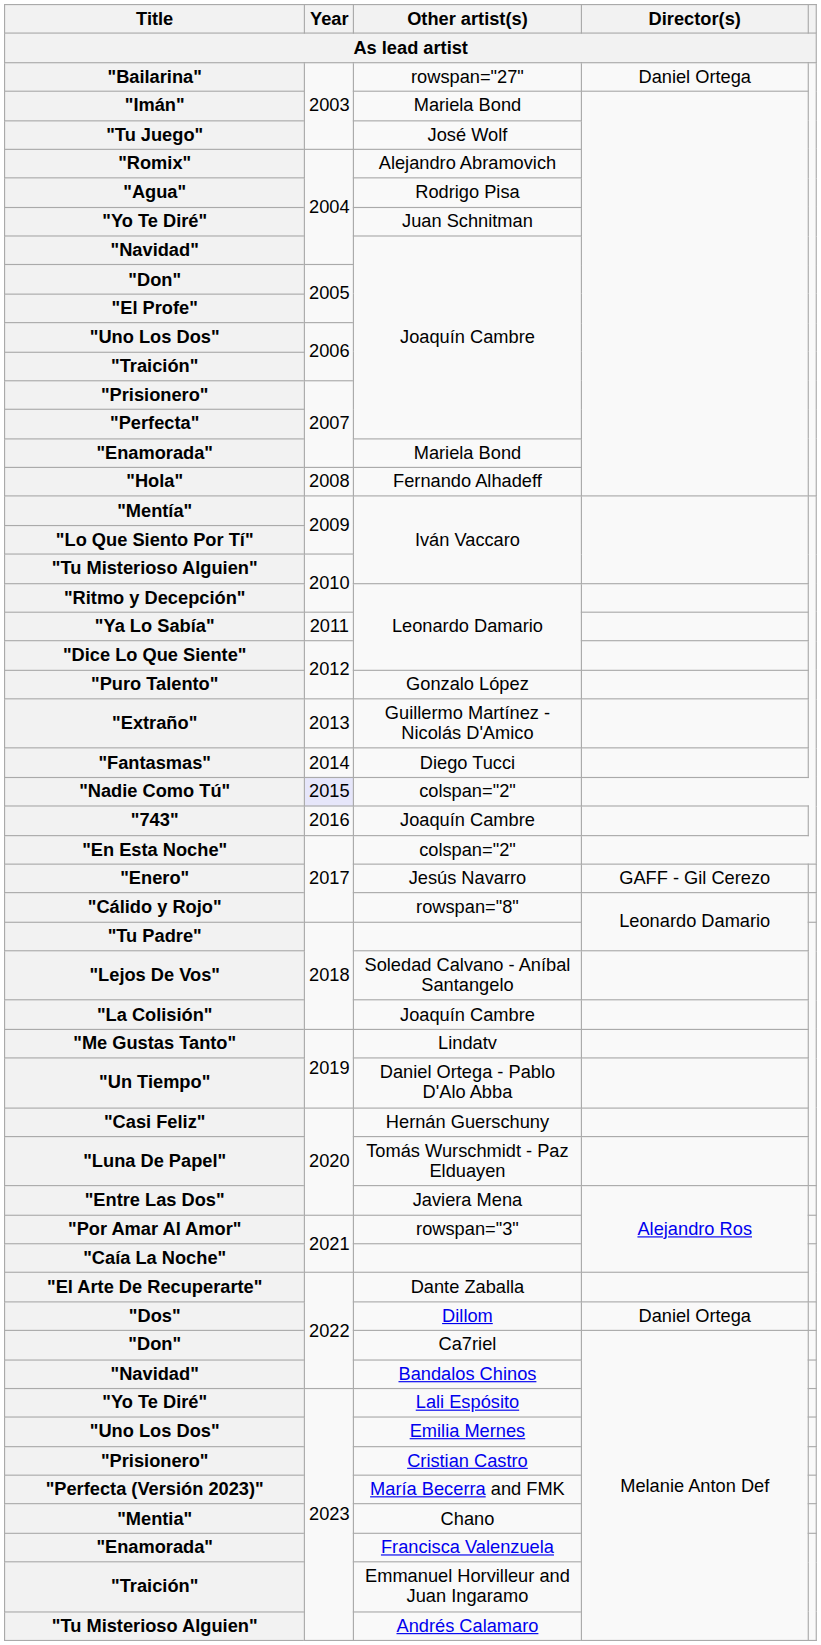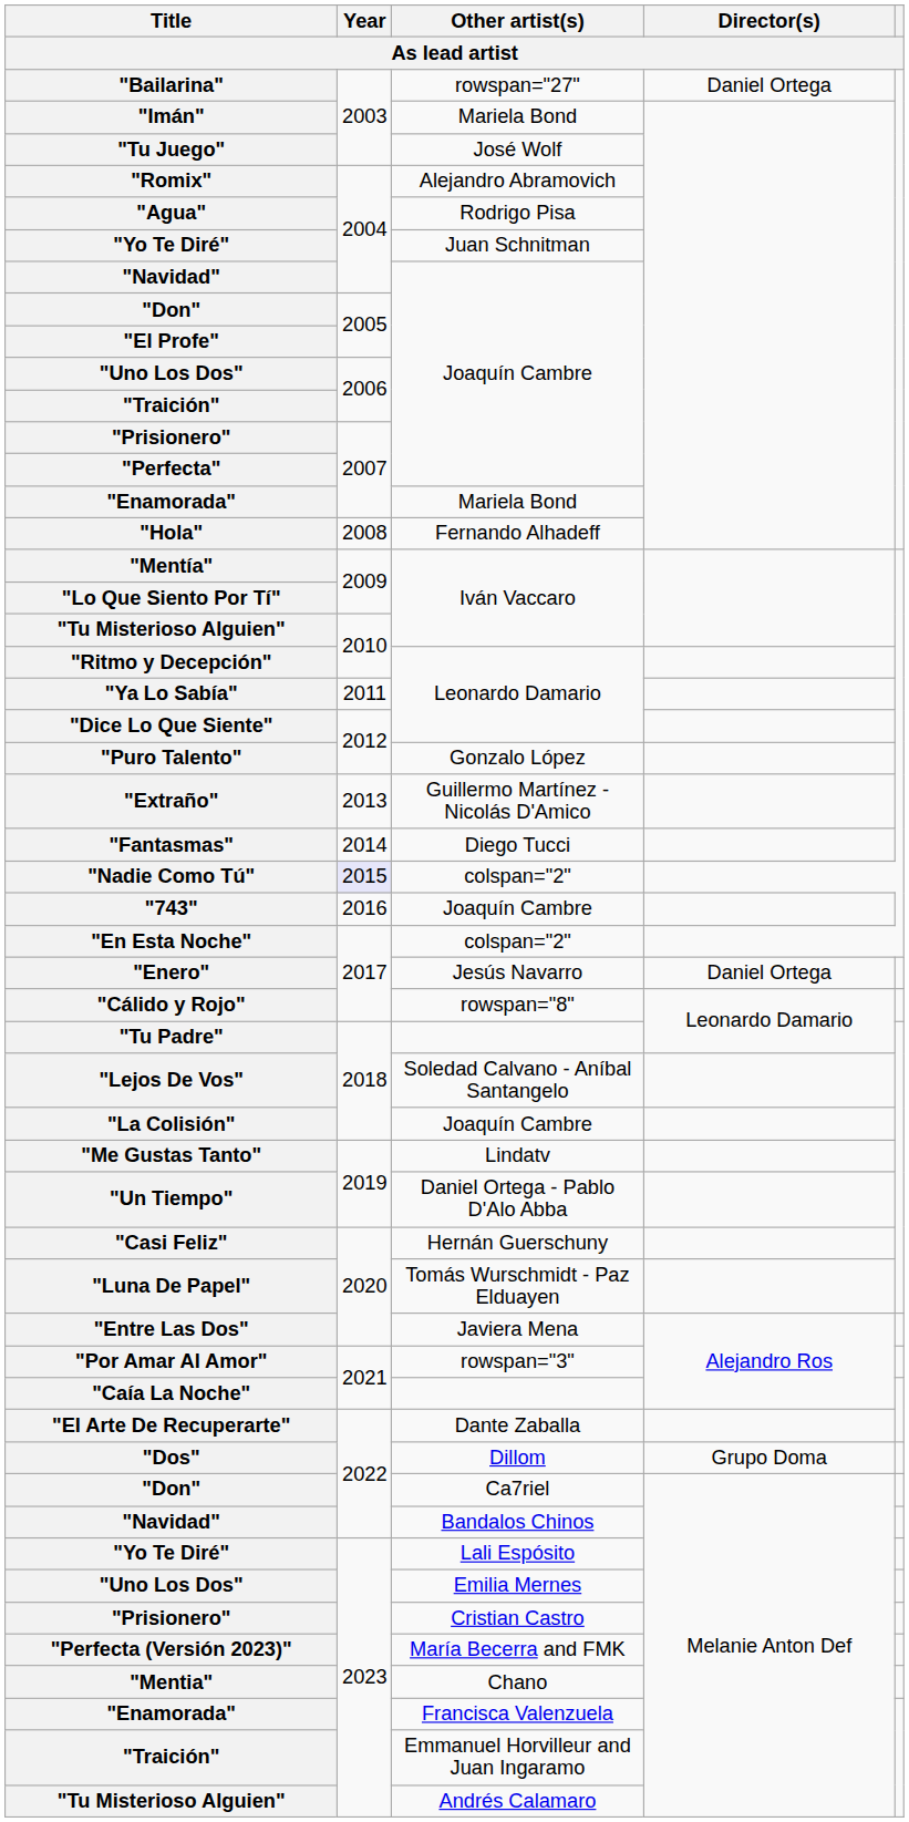 <table class="wikitable plainrowheaders" style="text-align:center;">
 <tr>
 <th scope="col" style="width:16em;">Title</th>
 <th scope="col">Year</th>
 <th scope="col" style="width:12em;">Other artist(s)</th>
 <th scope="col" style="width:12em;">Director(s)</th>
 <th scope="col"></th>
 </tr>
 <tr>
 <th scope="col" colspan="5">As lead artist</th>
 </tr>
 <tr>
 <th scope="row">"Bailarina"</th>
 <td rowspan="3">2003</td>
 <td>rowspan="27" </td>
 <td>Daniel Ortega</td>
 <td rowspan="15"></td>
 </tr>
 <tr>
 <th scope="row">"Imán"</th>
 <td>Mariela Bond</td>
 </tr>
 <tr>
 <th scope="row">"Tu Juego"</th>
 <td>José Wolf</td>
 </tr>
 <tr>
 <th scope="row">"Romix"</th>
 <td rowspan="4">2004</td>
 <td>Alejandro Abramovich</td>
 </tr>
 <tr>
 <th scope="row">"Agua"</th>
 <td>Rodrigo Pisa</td>
 </tr>
 <tr>
 <th scope="row">"Yo Te Diré"</th>
 <td>Juan Schnitman</td>
 </tr>
 <tr>
 <th scope="row">"Navidad"</th>
 <td rowspan="7">Joaquín Cambre</td>
 </tr>
 <tr>
 <th scope="row">"Don"</th>
 <td rowspan="2">2005</td>
 </tr>
 <tr>
 <th scope="row">"El Profe"</th>
 </tr>
 <tr>
 <th scope="row">"Uno Los Dos"</th>
 <td rowspan="2">2006</td>
 </tr>
 <tr>
 <th scope="row">"Traición"</th>
 </tr>
 <tr>
 <th scope="row">"Prisionero"</th>
 <td rowspan="3">2007</td>
 </tr>
 <tr>
 <th scope="row">"Perfecta"</th>
 </tr>
 <tr>
 <th scope="row">"Enamorada"</th>
 <td>Mariela Bond</td>
 </tr>
 <tr>
 <th scope="row">"Hola"</th>
 <td>2008</td>
 <td>Fernando Alhadeff</td>
 </tr>
 <tr>
 <th scope="row">"Mentía"</th>
 <td rowspan="2">2009</td>
 <td rowspan="3">Iván Vaccaro</td>
 <td rowspan="3"></td>
 </tr>
 <tr>
 <th scope="row">"Lo Que Siento Por Tí"</th>
 </tr>
 <tr>
 <th scope="row">"Tu Misterioso Alguien"</th>
 <td rowspan="2">2010</td>
 </tr>
 <tr>
 <th scope="row">"Ritmo y Decepción"</th>
 <td rowspan="3">Leonardo Damario</td>
 <td></td>
 </tr>
 <tr>
 <th scope="row">"Ya Lo Sabía"</th>
 <td>2011</td>
 <td></td>
 </tr>
 <tr>
 <th scope="row">"Dice Lo Que Siente"</th>
 <td rowspan="2">2012</td>
 <td></td>
 </tr>
 <tr>
 <th scope="row">"Puro Talento"</th>
 <td>Gonzalo López</td>
 <td></td>
 </tr>
 <tr>
 <th scope="row">"Extraño"</th>
 <td>2013</td>
 <td>Guillermo Martínez - Nicolás D'Amico</td>
 <td></td>
 </tr>
 <tr>
 <th scope="row">"Fantasmas"</th>
 <td>2014</td>
 <td>Diego Tucci</td>
 <td></td>
 </tr>
 <tr>
 <th scope="row">"Nadie Como Tú"</th>
 <td style="background: lavender;">2015</td>
 <td>colspan="2" </td>
 </tr>
 <tr>
 <th scope="row">"743"</th>
 <td>2016</td>
 <td>Joaquín Cambre</td>
 <td></td>
 </tr>
 <tr>
 <th scope="row">"En Esta Noche"</th>
 <td rowspan="3">2017</td>
 <td>colspan="2" </td>
 </tr>
 <tr>
 <th scope="row">"Enero"</th>
 <td>Jesús Navarro</td>
-<td>GAFF - Gil Cerezo</td>
+<td>Daniel Ortega</td>
 <td></td>
 </tr>
 <tr>
 <th scope="row">"Cálido y Rojo"</th>
 <td>rowspan="8" </td>
 <td rowspan="2">Leonardo Damario</td>
 <td></td>
 </tr>
 <tr>
 <th scope="row">"Tu Padre"</th>
 <td rowspan="3">2018</td>
 <td></td>
 </tr>
 <tr>
 <th scope="row">"Lejos De Vos"</th>
 <td>Soledad Calvano - Aníbal Santangelo</td>
 <td></td>
 </tr>
 <tr>
 <th scope="row">"La Colisión"</th>
 <td>Joaquín Cambre</td>
 <td></td>
 </tr>
 <tr>
 <th scope="row">"Me Gustas Tanto"</th>
 <td rowspan="2">2019</td>
 <td>Lindatv</td>
 <td></td>
 </tr>
 <tr>
 <th scope="row">"Un Tiempo"</th>
 <td>Daniel Ortega - Pablo D'Alo Abba</td>
 <td></td>
 </tr>
 <tr>
 <th scope="row">"Casi Feliz"</th>
 <td rowspan="3">2020</td>
 <td>Hernán Guerschuny</td>
 <td></td>
 </tr>
 <tr>
 <th scope="row">"Luna De Papel"</th>
 <td>Tomás Wurschmidt - Paz Elduayen</td>
 <td></td>
 </tr>
 <tr>
 <th scope="row">"Entre Las Dos"</th>
 <td>Javiera Mena</td>
 <td rowspan="3"><a href='#'>Alejandro Ros</a></td>
 <td></td>
 </tr>
 <tr>
 <th scope="row">"Por Amar Al Amor"</th>
 <td rowspan="2">2021</td>
 <td>rowspan="3" </td>
 <td></td>
 </tr>
 <tr>
 <th scope="row">"Caía La Noche"</th>
 <td></td>
 </tr>
 <tr>
 <th scope="row">"El Arte De Recuperarte"</th>
 <td rowspan="4">2022</td>
 <td>Dante Zaballa</td>
 <td></td>
 </tr>
 <tr>
 <th scope="row">"Dos"</th>
 <td><a href='#'>Dillom</a></td>
-<td>Daniel Ortega</td>
+<td>Grupo Doma</td>
 <td></td>
 </tr>
 <tr>
 <th scope="row">"Don"</th>
 <td>Ca7riel</td>
 <td rowspan="10">Melanie Anton Def</td>
 <td></td>
 </tr>
 <tr>
 <th scope="row">"Navidad"</th>
 <td><a href='#'>Bandalos Chinos</a></td>
 <td></td>
 </tr>
 <tr>
 <th scope="row">"Yo Te Diré"</th>
 <td rowspan="8">2023</td>
 <td><a href='#'>Lali Espósito</a></td>
 <td></td>
 </tr>
 <tr>
 <th scope="row">"Uno Los Dos"</th>
 <td><a href='#'>Emilia Mernes</a></td>
 <td></td>
 </tr>
 <tr>
 <th scope="row">"Prisionero"</th>
 <td><a href='#'>Cristian Castro</a></td>
 <td></td>
 </tr>
 <tr>
 <th scope="row">"Perfecta (Versión 2023)"</th>
 <td><a href='#'>María Becerra</a> and FMK</td>
 <td></td>
 </tr>
 <tr>
 <th scope="row">"Mentia"</th>
 <td>Chano</td>
 <td></td>
 </tr>
 <tr>
 <th scope="row">"Enamorada"</th>
 <td><a href='#'>Francisca Valenzuela</a></td>
 <td rowspan="3"></td>
 </tr>
 <tr>
 <th scope="row">"Traición"</th>
 <td>Emmanuel Horvilleur and Juan Ingaramo</td>
 </tr>
 <tr>
 <th scope="row">"Tu Misterioso Alguien"</th>
 <td><a href='#'>Andrés Calamaro</a></td>
 </tr>
 </table>
